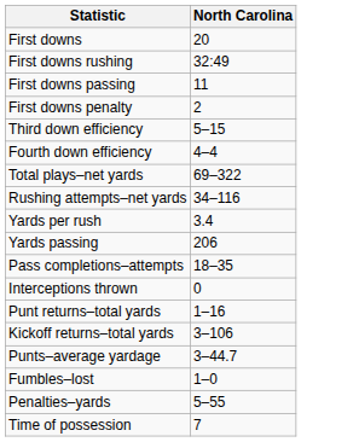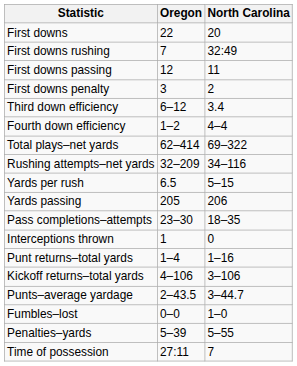 <table class="wikitable">
 <tr>
 <th>Statistic</th>
+<th><strong>Oregon</strong></th>
 <th><strong>North Carolina</strong></th>
 </tr>
 <tr>
 <td>First downs</td>
+<td>22</td>
 <td>20</td>
 </tr>
 <tr>
 <td>First downs rushing</td>
+<td>7</td>
 <td>32:49</td>
 </tr>
 <tr>
 <td>First downs passing</td>
+<td>12</td>
 <td>11</td>
 </tr>
 <tr>
 <td>First downs penalty</td>
+<td>3</td>
 <td>2</td>
 </tr>
 <tr>
 <td>Third down efficiency</td>
-<td>5–15</td>
+<td>6–12</td>
+<td>3.4</td>
 </tr>
 <tr>
 <td>Fourth down efficiency</td>
+<td>1–2</td>
 <td>4–4</td>
 </tr>
 <tr>
 <td>Total plays–net yards</td>
+<td>62–414</td>
 <td>69–322</td>
 </tr>
 <tr>
 <td>Rushing attempts–net yards</td>
+<td>32–209</td>
 <td>34–116</td>
 </tr>
 <tr>
 <td>Yards per rush</td>
-<td>3.4</td>
+<td>6.5</td>
+<td>5–15</td>
 </tr>
 <tr>
 <td>Yards passing</td>
+<td>205</td>
 <td>206</td>
 </tr>
 <tr>
 <td>Pass completions–attempts</td>
+<td>23–30</td>
 <td>18–35</td>
 </tr>
 <tr>
 <td>Interceptions thrown</td>
+<td>1</td>
 <td>0</td>
 </tr>
 <tr>
 <td>Punt returns–total yards</td>
+<td>1–4</td>
 <td>1–16</td>
 </tr>
 <tr>
 <td>Kickoff returns–total yards</td>
+<td>4–106</td>
 <td>3–106</td>
 </tr>
 <tr>
 <td>Punts–average yardage</td>
+<td>2–43.5</td>
 <td>3–44.7</td>
 </tr>
 <tr>
 <td>Fumbles–lost</td>
+<td>0–0</td>
 <td>1–0</td>
 </tr>
 <tr>
 <td>Penalties–yards</td>
+<td>5–39</td>
 <td>5–55</td>
 </tr>
 <tr>
 <td>Time of possession</td>
+<td>27:11</td>
 <td>7</td>
 </tr>
 </table>
